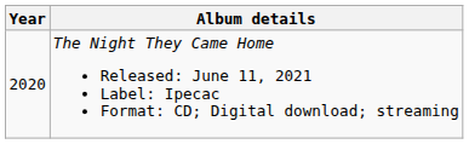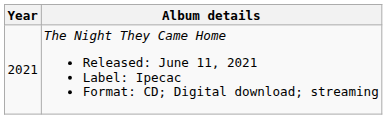 <table class="wikitable">
 <tr>
 <th>Year</th>
 <th>Album details</th>
 </tr>
 <tr>
-<td>2020</td>
+<td>2021</td>
 <td style="text-align:left;"><em>The Night They Came Home</em><br><ul><li>Released: June 11, 2021</li><li>Label: Ipecac</li><li>Format: CD; Digital download; streaming</li></ul></td>
 </tr>
 </table>
